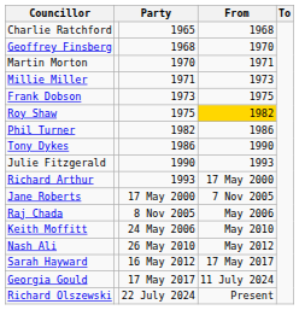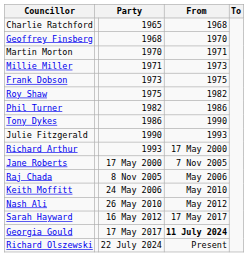 <table class="wikitable">
 <tr>
 <th>Councillor</th>
 <th colspan=2>Party</th>
 <th>From</th>
 <th>To</th>
 </tr>
 <tr>
 <td>Charlie Ratchford</td>
 <td></td>
 <td align=right>1965</td>
 <td align=right>1968</td>
 </tr>
 <tr>
 <td><a href='#'>Geoffrey Finsberg</a></td>
 <td></td>
 <td align=right>1968</td>
 <td align=right>1970</td>
 </tr>
 <tr>
 <td>Martin Morton</td>
 <td></td>
 <td align=right>1970</td>
 <td align=right>1971</td>
 </tr>
 <tr>
 <td><a href='#'>Millie Miller</a></td>
 <td></td>
 <td align=right>1971</td>
 <td align=right>1973</td>
 </tr>
 <tr>
 <td><a href='#'>Frank Dobson</a></td>
 <td></td>
 <td align=right>1973</td>
 <td align=right>1975</td>
 </tr>
 <tr>
 <td><a href='#'>Roy Shaw</a></td>
 <td></td>
 <td align=right>1975</td>
-<td align=right style="background: gold;">1982</td>
+<td align=right>1982</td>
 </tr>
 <tr>
 <td><a href='#'>Phil Turner</a></td>
 <td></td>
 <td align=right>1982</td>
 <td align=right>1986</td>
 </tr>
 <tr>
 <td><a href='#'>Tony Dykes</a></td>
 <td></td>
 <td align=right>1986</td>
 <td align=right>1990</td>
 </tr>
 <tr>
 <td>Julie Fitzgerald</td>
 <td></td>
 <td align=right>1990</td>
 <td align=right>1993</td>
 </tr>
 <tr>
 <td><a href='#'>Richard Arthur</a></td>
 <td></td>
 <td align=right>1993</td>
 <td align=right>17 May 2000</td>
 </tr>
 <tr>
 <td><a href='#'>Jane Roberts</a></td>
 <td></td>
 <td align=right>17 May 2000</td>
 <td align=right>7 Nov 2005</td>
 </tr>
 <tr>
 <td><a href='#'>Raj Chada</a></td>
 <td></td>
 <td align=right>8 Nov 2005</td>
 <td align=right>May 2006</td>
 </tr>
 <tr>
 <td><a href='#'>Keith Moffitt</a></td>
 <td></td>
 <td align=right>24 May 2006</td>
 <td align=right>May 2010</td>
 </tr>
 <tr>
 <td><a href='#'>Nash Ali</a></td>
 <td></td>
 <td align=right>26 May 2010</td>
 <td align=right>May 2012</td>
 </tr>
 <tr>
 <td><a href='#'>Sarah Hayward</a></td>
 <td></td>
 <td align=right>16 May 2012</td>
 <td align=right>17 May 2017</td>
 </tr>
 <tr>
 <td><a href='#'>Georgia Gould</a> </td>
 <td></td>
 <td align=right>17 May 2017</td>
-<td align=right>11 July 2024</td>
+<td align=right><strong>11 July 2024</strong></td>
 </tr>
 <tr>
 <td><a href='#'>Richard Olszewski</a></td>
 <td></td>
 <td align=right>22 July 2024</td>
 <td align="right">Present</td>
 </tr>
 </table>
